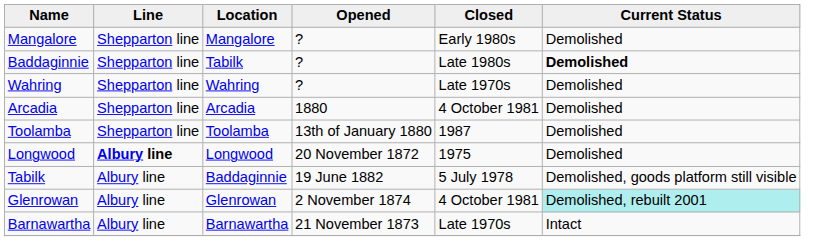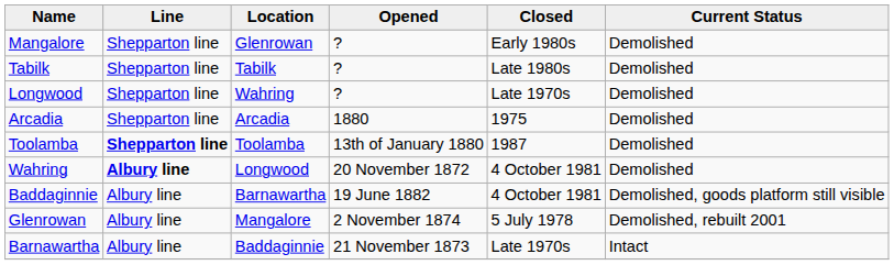 <table class="wikitable sortable" style="border:1px solid #aaa; border-collapse:collapse">
 <tr bgcolor="#cccccc">
 <th style=background:#efefef>Name</th>
 <th style=background:#efefef>Line</th>
 <th style=background:#efefef>Location</th>
 <th style=background:#efefef>Opened</th>
 <th style=background:#efefef>Closed</th>
 <th style=background:#efefef>Current Status</th>
 </tr>
 <tr>
 <td><a href='#'>Mangalore</a></td>
 <td><a href='#'>Shepparton</a> line</td>
-<td><a href='#'>Mangalore</a></td>
+<td><a href='#'>Glenrowan</a></td>
 <td>?</td>
 <td>Early 1980s</td>
 <td>Demolished</td>
 </tr>
 <tr>
-<td><a href='#'>Baddaginnie</a></td>
+<td><a href='#'>Tabilk</a></td>
 <td><a href='#'>Shepparton</a> line</td>
 <td><a href='#'>Tabilk</a></td>
 <td>?</td>
 <td>Late 1980s</td>
-<td><strong>Demolished</strong></td>
+<td>Demolished</td>
 </tr>
 <tr>
-<td><a href='#'>Wahring</a></td>
+<td><a href='#'>Longwood</a></td>
 <td><a href='#'>Shepparton</a> line</td>
 <td><a href='#'>Wahring</a></td>
 <td>?</td>
 <td>Late 1970s</td>
 <td>Demolished</td>
 </tr>
 <tr>
 <td><a href='#'>Arcadia</a></td>
 <td><a href='#'>Shepparton</a> line</td>
 <td><a href='#'>Arcadia</a></td>
 <td>1880</td>
-<td>4 October 1981</td>
+<td>1975</td>
 <td>Demolished</td>
 </tr>
 <tr>
 <td><a href='#'>Toolamba</a></td>
-<td><a href='#'>Shepparton</a> line</td>
+<td><strong><a href='#'>Shepparton</a> line</strong></td>
 <td><a href='#'>Toolamba</a></td>
 <td>13th of January 1880</td>
 <td>1987</td>
 <td>Demolished</td>
 </tr>
 <tr>
-<td><a href='#'>Longwood</a></td>
+<td><a href='#'>Wahring</a></td>
 <td><strong><a href='#'>Albury</a> line</strong></td>
 <td><a href='#'>Longwood</a></td>
 <td>20 November 1872</td>
-<td>1975</td>
+<td>4 October 1981</td>
 <td>Demolished</td>
 </tr>
 <tr>
-<td><a href='#'>Tabilk</a></td>
+<td><a href='#'>Baddaginnie</a></td>
 <td><a href='#'>Albury</a> line</td>
-<td><a href='#'>Baddaginnie</a></td>
+<td><a href='#'>Barnawartha</a></td>
 <td>19 June 1882</td>
-<td>5 July 1978</td>
+<td>4 October 1981</td>
 <td>Demolished, goods platform still visible</td>
 </tr>
 <tr>
 <td><a href='#'>Glenrowan</a></td>
 <td><a href='#'>Albury</a> line</td>
-<td><a href='#'>Glenrowan</a></td>
+<td><a href='#'>Mangalore</a></td>
 <td>2 November 1874</td>
-<td>4 October 1981</td>
-<td style="background: paleturquoise;">Demolished, rebuilt 2001</td>
+<td>5 July 1978</td>
+<td>Demolished, rebuilt 2001</td>
 </tr>
 <tr>
 <td><a href='#'>Barnawartha</a></td>
 <td><a href='#'>Albury</a> line</td>
-<td><a href='#'>Barnawartha</a></td>
+<td><a href='#'>Baddaginnie</a></td>
 <td>21 November 1873</td>
 <td>Late 1970s</td>
 <td>Intact</td>
 </tr>
 <tr>
 </tr>
 </table>
